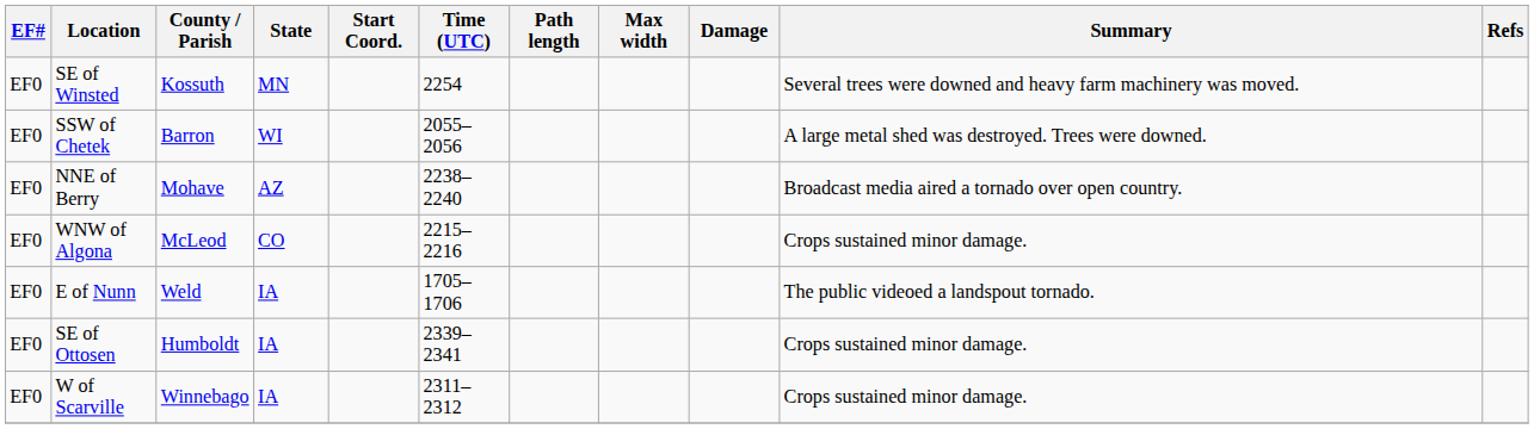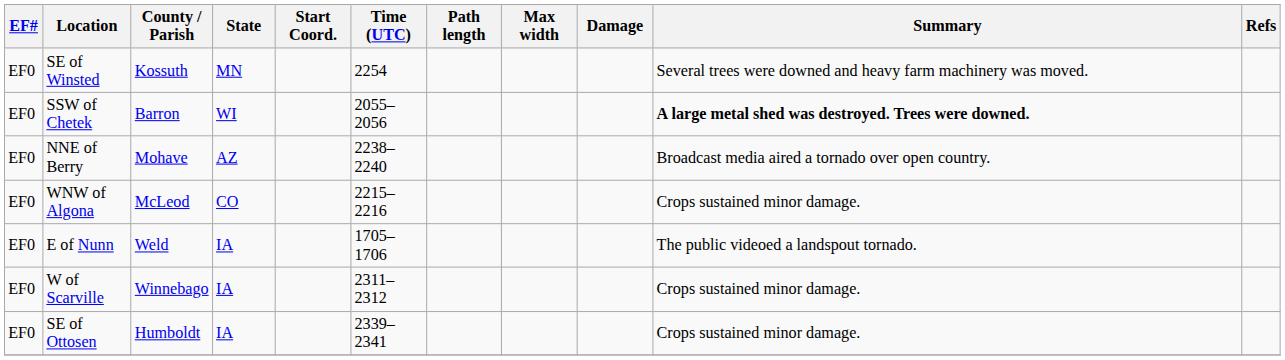 <table class="wikitable sortable" style="width:100%;">
 <tr>
 <th scope="col" width="3%" align="center"><a href='#'>EF#</a></th>
 <th scope="col" width="7%" align="center" class="unsortable">Location</th>
 <th scope="col" width="6%" align="center" class="unsortable">County / Parish</th>
 <th scope="col" width="5%" align="center">State</th>
 <th scope="col" width="6%" align="center">Start Coord.</th>
 <th scope="col" width="6%" align="center">Time (<a href='#'>UTC</a>)</th>
 <th scope="col" width="6%" align="center">Path length</th>
 <th scope="col" width="6%" align="center">Max width</th>
 <th scope="col" width="6%" align="center">Damage</th>
 <th scope="col" width="48%" class="unsortable" align="center">Summary</th>
 <th scope="col" width="48%" class="unsortable" align="center">Refs</th>
 </tr>
 <tr>
 <td>EF0</td>
 <td>SE of <a href='#'>Winsted</a></td>
 <td><a href='#'>Kossuth</a></td>
 <td><a href='#'>MN</a></td>
 <td></td>
 <td>2254</td>
 <td></td>
 <td></td>
 <td></td>
 <td>Several trees were downed and heavy farm machinery was moved.</td>
 <td></td>
 </tr>
 <tr>
 <td>EF0</td>
 <td>SSW of <a href='#'>Chetek</a></td>
 <td><a href='#'>Barron</a></td>
 <td><a href='#'>WI</a></td>
 <td></td>
 <td>2055–2056</td>
 <td></td>
 <td></td>
 <td></td>
-<td>A large metal shed was destroyed. Trees were downed.</td>
+<td><strong>A large metal shed was destroyed. Trees were downed.</strong></td>
 <td></td>
 </tr>
 <tr>
 <td>EF0</td>
 <td>NNE of Berry</td>
 <td><a href='#'>Mohave</a></td>
 <td><a href='#'>AZ</a></td>
 <td></td>
 <td>2238–2240</td>
 <td></td>
 <td></td>
 <td></td>
 <td>Broadcast media aired a tornado over open country.</td>
 <td></td>
 </tr>
 <tr>
 <td>EF0</td>
 <td>WNW of <a href='#'>Algona</a></td>
 <td><a href='#'>McLeod</a></td>
 <td><a href='#'>CO</a></td>
 <td></td>
 <td>2215–2216</td>
 <td></td>
 <td></td>
 <td></td>
 <td>Crops sustained minor damage.</td>
 <td></td>
 </tr>
 <tr>
 <td>EF0</td>
 <td>E of <a href='#'>Nunn</a></td>
 <td><a href='#'>Weld</a></td>
 <td><a href='#'>IA</a></td>
 <td></td>
 <td>1705–1706</td>
 <td></td>
 <td></td>
 <td></td>
 <td>The public videoed a landspout tornado.</td>
 <td></td>
 </tr>
 <tr>
 <td>EF0</td>
+<td>W of <a href='#'>Scarville</a></td>
+<td><a href='#'>Winnebago</a></td>
+<td><a href='#'>IA</a></td>
+<td></td>
+<td>2311–2312</td>
+<td></td>
+<td></td>
+<td></td>
+<td>Crops sustained minor damage.</td>
+<td></td>
+</tr>
+<tr>
+<td>EF0</td>
 <td>SE of <a href='#'>Ottosen</a></td>
 <td><a href='#'>Humboldt</a></td>
 <td><a href='#'>IA</a></td>
 <td></td>
 <td>2339–2341</td>
 <td></td>
 <td></td>
 <td></td>
 <td>Crops sustained minor damage.</td>
 <td></td>
 </tr>
 <tr>
-<td>EF0</td>
-<td>W of <a href='#'>Scarville</a></td>
-<td><a href='#'>Winnebago</a></td>
-<td><a href='#'>IA</a></td>
-<td></td>
-<td>2311–2312</td>
-<td></td>
-<td></td>
-<td></td>
-<td>Crops sustained minor damage.</td>
-<td></td>
-</tr>
-<tr>
 </tr>
 </table>
